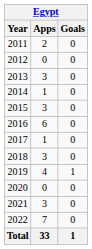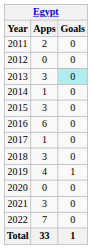 <table class="wikitable" style="text-align:center">
 <tr>
 <th colspan="3"><a href='#'>Egypt</a></th>
 </tr>
 <tr>
 <th>Year</th>
 <th>Apps</th>
 <th>Goals</th>
 </tr>
 <tr>
 <td>2011</td>
 <td>2</td>
 <td>0</td>
 </tr>
 <tr>
 <td>2012</td>
 <td>0</td>
 <td>0</td>
 </tr>
 <tr>
 <td>2013</td>
 <td>3</td>
-<td>0</td>
+<td style="background: paleturquoise;">0</td>
 </tr>
 <tr>
 <td>2014</td>
 <td>1</td>
 <td>0</td>
 </tr>
 <tr>
 <td>2015</td>
 <td>3</td>
 <td>0</td>
 </tr>
 <tr>
 <td>2016</td>
 <td>6</td>
 <td>0</td>
 </tr>
 <tr>
 <td>2017</td>
 <td>1</td>
 <td>0</td>
 </tr>
 <tr>
 <td>2018</td>
 <td>3</td>
 <td>0</td>
 </tr>
 <tr>
 <td>2019</td>
 <td>4</td>
 <td>1</td>
 </tr>
 <tr>
 <td>2020</td>
 <td>0</td>
 <td>0</td>
 </tr>
 <tr>
 <td>2021</td>
 <td>3</td>
 <td>0</td>
 </tr>
 <tr>
 <td>2022</td>
 <td>7</td>
 <td>0</td>
 </tr>
 <tr>
 <th>Total</th>
 <th>33</th>
 <th>1</th>
 </tr>
 </table>
